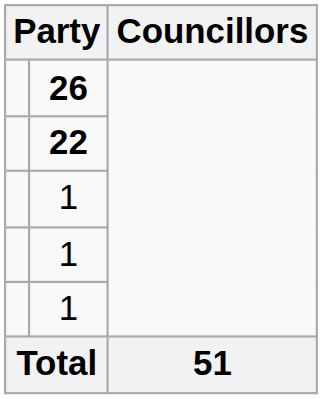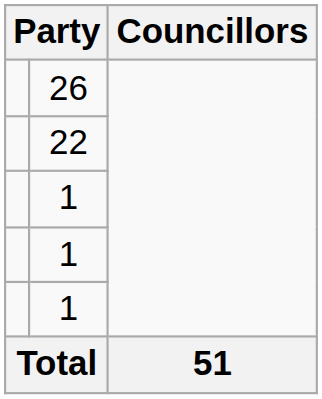 <table class="wikitable">
 <tr>
 <th colspan=2>Party</th>
 <th>Councillors</th>
 </tr>
 <tr>
 <td></td>
-<td align=center><strong>26</strong></td>
+<td align=center>26</td>
 </tr>
 <tr>
 <td></td>
-<td align=center><strong>22</strong></td>
+<td align=center>22</td>
 </tr>
 <tr>
 <td></td>
 <td align=center>1</td>
 </tr>
 <tr>
 <td></td>
 <td align=center>1</td>
 </tr>
 <tr>
 <td></td>
 <td align=center>1</td>
 </tr>
 <tr>
 <th colspan=2>Total</th>
 <th align=center>51</th>
 </tr>
 </table>
